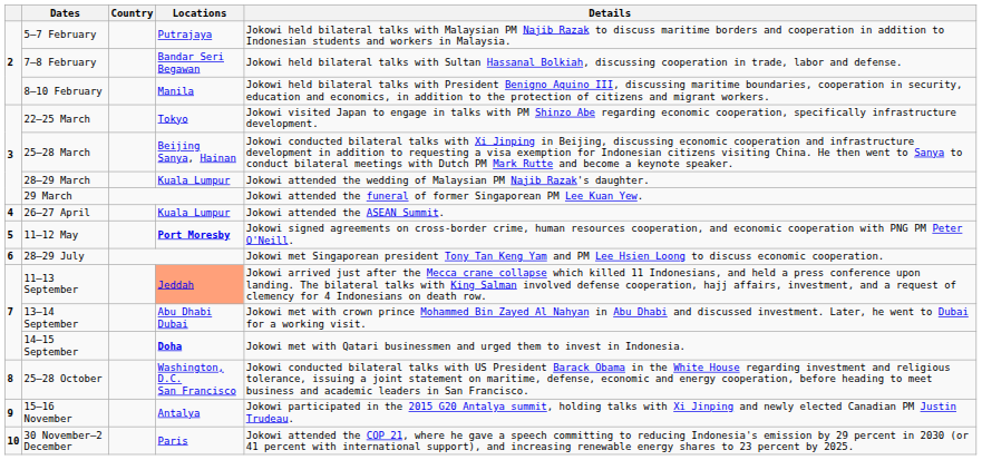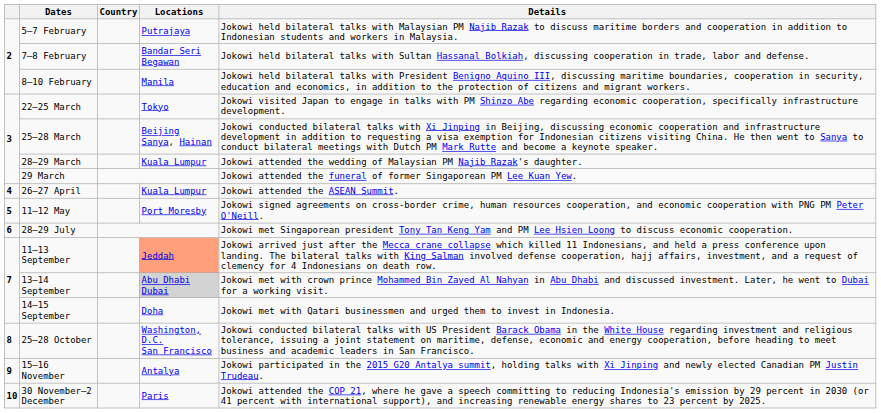 <table class="wikitable sortable" border="1" style="margin: 1em auto 1em auto">
 <tr>
 <th></th>
 <th>Dates</th>
 <th>Country</th>
 <th>Locations</th>
 <th>Details</th>
 </tr>
 <tr>
 <td rowspan=3><strong>2</strong></td>
 <td>5–7 February</td>
 <td></td>
 <td><a href='#'>Putrajaya</a></td>
 <td>Jokowi held bilateral talks with Malaysian PM <a href='#'>Najib Razak</a> to discuss maritime borders and cooperation in addition to Indonesian students and workers in Malaysia.</td>
 </tr>
 <tr>
 <td>7–8 February</td>
 <td></td>
 <td><a href='#'>Bandar Seri Begawan</a></td>
 <td>Jokowi held bilateral talks with Sultan <a href='#'>Hassanal Bolkiah</a>, discussing cooperation in trade, labor and defense.</td>
 </tr>
 <tr>
 <td>8–10 February</td>
 <td></td>
 <td><a href='#'>Manila</a></td>
 <td>Jokowi held bilateral talks with President <a href='#'>Benigno Aquino III</a>, discussing maritime boundaries, cooperation in security, education and economics, in addition to the protection of citizens and migrant workers.</td>
 </tr>
 <tr>
 <td rowspan=4><strong>3</strong></td>
 <td>22–25 March</td>
 <td></td>
 <td><a href='#'>Tokyo</a></td>
 <td>Jokowi visited Japan to engage in talks with PM <a href='#'>Shinzo Abe</a> regarding economic cooperation, specifically infrastructure development.</td>
 </tr>
 <tr>
 <td>25–28 March</td>
 <td></td>
 <td><a href='#'>Beijing</a><br><a href='#'>Sanya</a>, <a href='#'>Hainan</a></td>
 <td>Jokowi conducted bilateral talks with <a href='#'>Xi Jinping</a> in Beijing, discussing economic cooperation and infrastructure development in addition to requesting a visa exemption for Indonesian citizens visiting China. He then went to <a href='#'>Sanya</a> to conduct bilateral meetings with Dutch PM <a href='#'>Mark Rutte</a> and become a keynote speaker.</td>
 </tr>
 <tr>
 <td>28–29 March</td>
 <td></td>
 <td><a href='#'>Kuala Lumpur</a></td>
 <td>Jokowi attended the wedding of Malaysian PM <a href='#'>Najib Razak</a>'s daughter.</td>
 </tr>
 <tr>
 <td>29 March</td>
 <td colspan=2></td>
 <td>Jokowi attended the <a href='#'>funeral</a> of former Singaporean PM <a href='#'>Lee Kuan Yew</a>.</td>
 </tr>
 <tr>
 <td><strong>4</strong></td>
 <td>26–27 April</td>
 <td></td>
 <td><a href='#'>Kuala Lumpur</a></td>
 <td>Jokowi attended the <a href='#'>ASEAN Summit</a>.</td>
 </tr>
 <tr>
 <td><strong>5</strong></td>
 <td>11–12 May</td>
 <td></td>
-<td><strong><a href='#'>Port Moresby</a></strong></td>
+<td><a href='#'>Port Moresby</a></td>
 <td>Jokowi signed agreements on cross-border crime, human resources cooperation, and economic cooperation with PNG PM <a href='#'>Peter O'Neill</a>.</td>
 </tr>
 <tr>
 <td><strong>6</strong></td>
 <td>28–29 July</td>
 <td colspan=2></td>
 <td>Jokowi met Singaporean president <a href='#'>Tony Tan Keng Yam</a> and PM <a href='#'>Lee Hsien Loong</a> to discuss economic cooperation.</td>
 </tr>
 <tr>
 <td rowspan=3><strong>7</strong></td>
 <td>11–13 September</td>
 <td></td>
 <td style="background: lightsalmon;"><a href='#'>Jeddah</a></td>
 <td>Jokowi arrived just after the <a href='#'>Mecca crane collapse</a> which killed 11 Indonesians, and held a press conference upon landing. The bilateral talks with <a href='#'>King Salman</a> involved defense cooperation, hajj affairs, investment, and a request of clemency for 4 Indonesians on death row.</td>
 </tr>
 <tr>
 <td>13–14 September</td>
 <td></td>
-<td><a href='#'>Abu Dhabi</a><br><a href='#'>Dubai</a></td>
+<td style="background: lightgrey;"><a href='#'>Abu Dhabi</a><br><a href='#'>Dubai</a></td>
 <td>Jokowi met with crown prince <a href='#'>Mohammed Bin Zayed Al Nahyan</a> in <a href='#'>Abu Dhabi</a> and discussed investment. Later, he went to <a href='#'>Dubai</a> for a working visit.</td>
 </tr>
 <tr>
 <td>14–15 September</td>
 <td></td>
-<td><strong><a href='#'>Doha</a></strong></td>
+<td><a href='#'>Doha</a></td>
 <td>Jokowi met with Qatari businessmen and urged them to invest in Indonesia.</td>
 </tr>
 <tr>
 <td><strong>8</strong></td>
 <td>25–28 October</td>
 <td></td>
 <td><a href='#'>Washington, D.C.</a><br><a href='#'>San Francisco</a></td>
 <td>Jokowi conducted bilateral talks with US President <a href='#'>Barack Obama</a> in the <a href='#'>White House</a> regarding investment and religious tolerance, issuing a joint statement on maritime, defense, economic and energy cooperation, before heading to meet business and academic leaders in San Francisco.</td>
 </tr>
 <tr>
 <td><strong>9</strong></td>
 <td>15–16 November</td>
 <td></td>
 <td><a href='#'>Antalya</a></td>
 <td>Jokowi participated in the <a href='#'>2015 G20 Antalya summit</a>, holding talks with <a href='#'>Xi Jinping</a> and newly elected Canadian PM <a href='#'>Justin Trudeau</a>.</td>
 </tr>
 <tr>
 <td><strong>10</strong></td>
 <td>30 November–2 December</td>
 <td></td>
 <td><a href='#'>Paris</a></td>
 <td>Jokowi attended the <a href='#'>COP 21</a>, where he gave a speech committing to reducing Indonesia's emission by 29 percent in 2030 (or 41 percent with international support), and increasing renewable energy shares to 23 percent by 2025.</td>
 </tr>
 </table>
